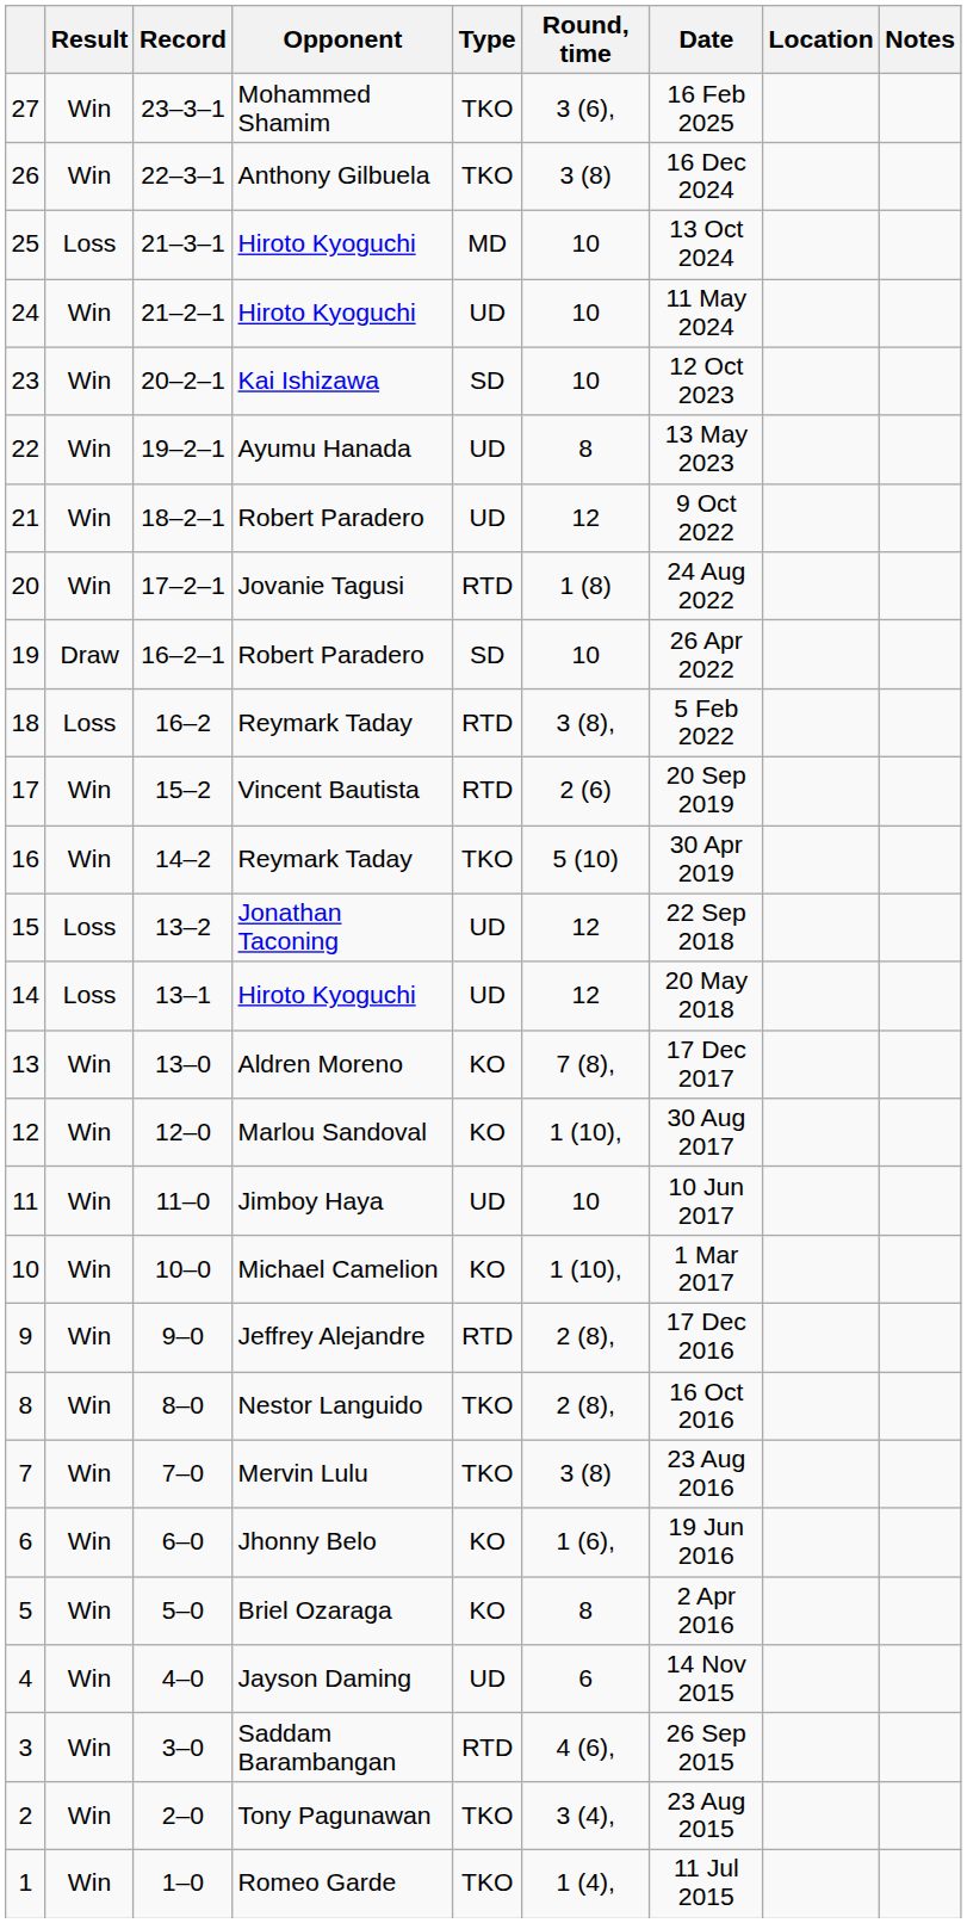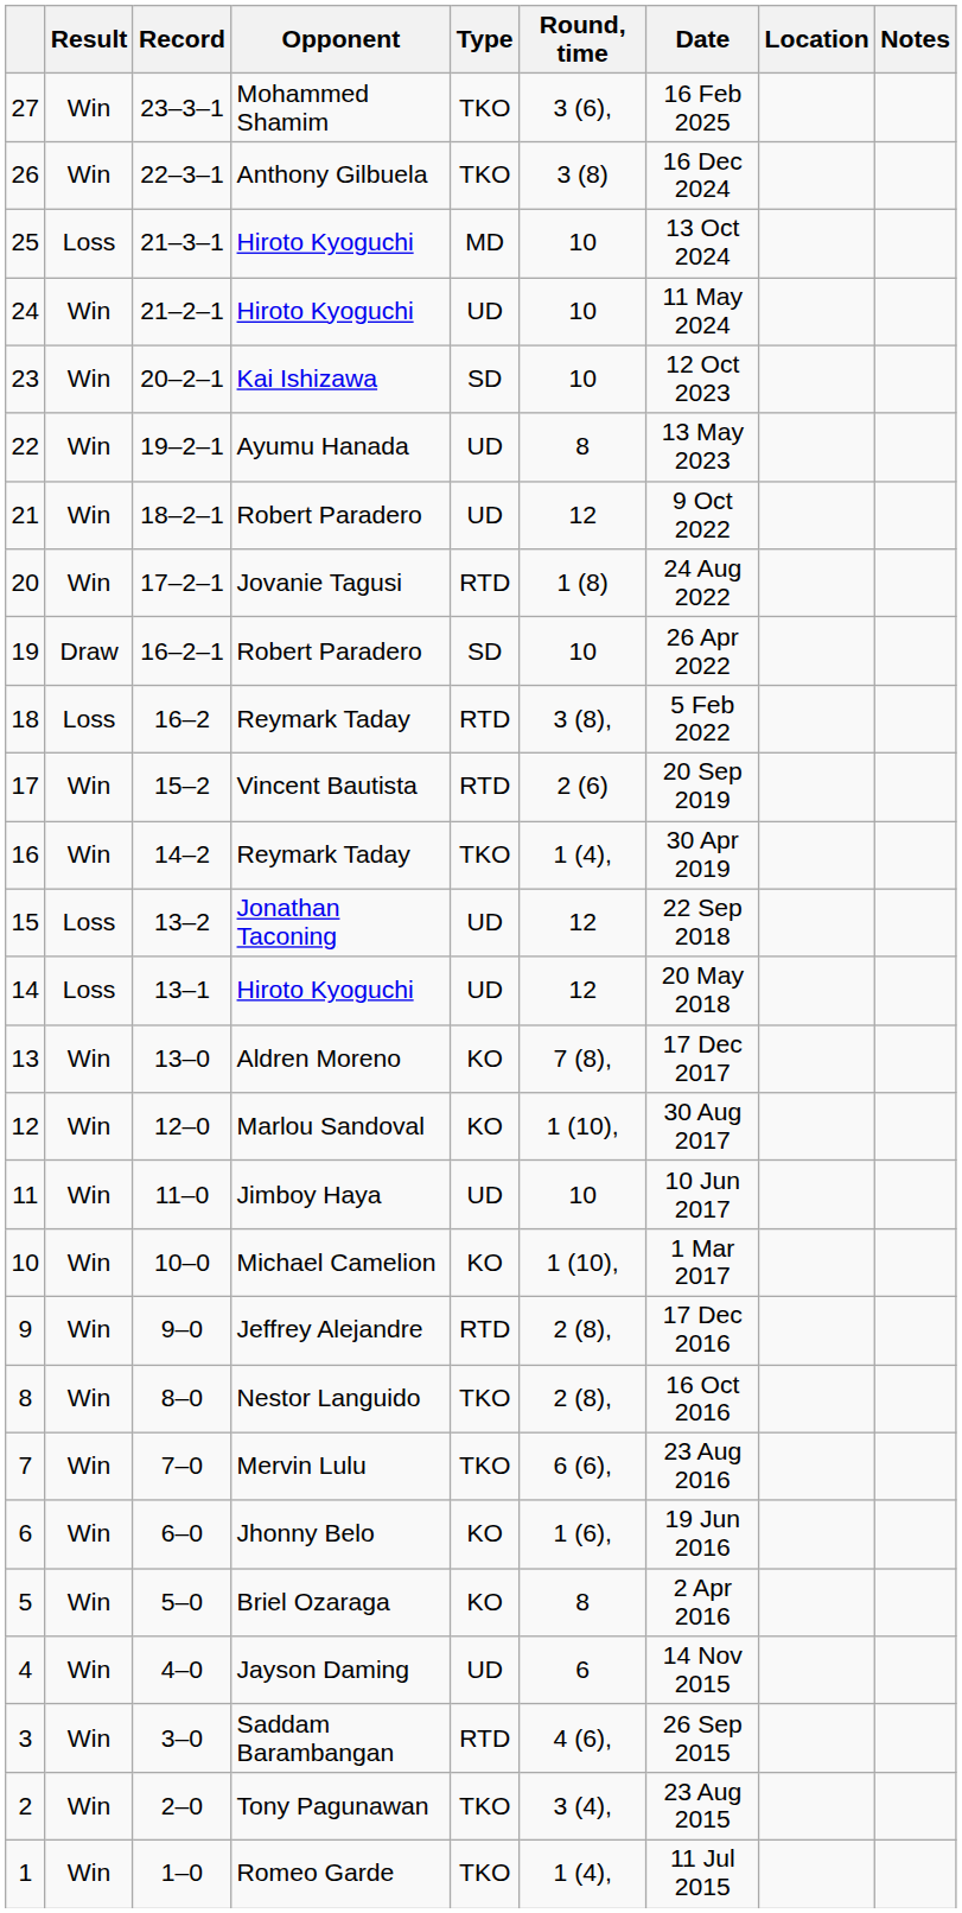 <table class="wikitable" style="text-align:center">
 <tr>
 <th></th>
 <th>Result</th>
 <th>Record</th>
 <th>Opponent</th>
 <th>Type</th>
 <th>Round, time</th>
 <th>Date</th>
 <th>Location</th>
 <th>Notes</th>
 </tr>
 <tr>
 <td>27</td>
 <td>Win</td>
 <td>23–3–1</td>
 <td style="text-align:left;">Mohammed Shamim</td>
 <td>TKO</td>
 <td>3 (6), </td>
 <td>16 Feb 2025</td>
 <td style="text-align:left;"></td>
 <td></td>
 </tr>
 <tr>
 <td>26</td>
 <td>Win</td>
 <td>22–3–1</td>
 <td style="text-align:left;">Anthony Gilbuela</td>
 <td>TKO</td>
 <td>3 (8)</td>
 <td>16 Dec 2024</td>
 <td style="text-align:left;"></td>
 <td></td>
 </tr>
 <tr>
 <td>25</td>
 <td>Loss</td>
 <td>21–3–1</td>
 <td style="text-align:left;"><a href='#'>Hiroto Kyoguchi</a></td>
 <td>MD</td>
 <td>10</td>
 <td>13 Oct 2024</td>
 <td style="text-align:left;"></td>
 <td></td>
 </tr>
 <tr>
 <td>24</td>
 <td>Win</td>
 <td>21–2–1</td>
 <td style="text-align:left;"><a href='#'>Hiroto Kyoguchi</a></td>
 <td>UD</td>
 <td>10</td>
 <td>11 May 2024</td>
 <td style="text-align:left;"></td>
 <td></td>
 </tr>
 <tr>
 <td>23</td>
 <td>Win</td>
 <td>20–2–1</td>
 <td style="text-align:left;"><a href='#'>Kai Ishizawa</a></td>
 <td>SD</td>
 <td>10</td>
 <td>12 Oct 2023</td>
 <td style="text-align:left;"></td>
 <td></td>
 </tr>
 <tr>
 <td>22</td>
 <td>Win</td>
 <td>19–2–1</td>
 <td style="text-align:left;">Ayumu Hanada</td>
 <td>UD</td>
 <td>8</td>
 <td>13 May 2023</td>
 <td style="text-align:left;"></td>
 <td></td>
 </tr>
 <tr>
 <td>21</td>
 <td>Win</td>
 <td>18–2–1</td>
 <td style="text-align:left;">Robert Paradero</td>
 <td>UD</td>
 <td>12</td>
 <td>9 Oct 2022</td>
 <td style="text-align:left;"></td>
 <td style="text-align:left;"></td>
 </tr>
 <tr>
 <td>20</td>
 <td>Win</td>
 <td>17–2–1</td>
 <td style="text-align:left;">Jovanie Tagusi</td>
 <td>RTD</td>
 <td>1 (8)</td>
 <td>24 Aug 2022</td>
 <td style="text-align:left;"></td>
 <td></td>
 </tr>
 <tr>
 <td>19</td>
 <td>Draw</td>
 <td>16–2–1</td>
 <td style="text-align:left;">Robert Paradero</td>
 <td>SD</td>
 <td>10</td>
 <td>26 Apr 2022</td>
 <td style="text-align:left;"></td>
 <td></td>
 </tr>
 <tr>
 <td>18</td>
 <td>Loss</td>
 <td>16–2</td>
 <td style="text-align:left;">Reymark Taday</td>
 <td>RTD</td>
 <td>3 (8), </td>
 <td>5 Feb 2022</td>
 <td style="text-align:left;"></td>
 <td></td>
 </tr>
 <tr>
 <td>17</td>
 <td>Win</td>
 <td>15–2</td>
 <td style="text-align:left;">Vincent Bautista</td>
 <td>RTD</td>
 <td>2 (6)</td>
 <td>20 Sep 2019</td>
 <td style="text-align:left;"></td>
 <td></td>
 </tr>
 <tr>
 <td>16</td>
 <td>Win</td>
 <td>14–2</td>
 <td style="text-align:left;">Reymark Taday</td>
 <td>TKO</td>
-<td>5 (10)</td>
+<td>1 (4), </td>
 <td>30 Apr 2019</td>
 <td style="text-align:left;"></td>
 <td></td>
 </tr>
 <tr>
 <td>15</td>
 <td>Loss</td>
 <td>13–2</td>
 <td style="text-align:left;"><a href='#'>Jonathan Taconing</a></td>
 <td>UD</td>
 <td>12</td>
 <td>22 Sep 2018</td>
 <td style="text-align:left;"></td>
 <td style="text-align:left;"></td>
 </tr>
 <tr>
 <td>14</td>
 <td>Loss</td>
 <td>13–1</td>
 <td style="text-align:left;"><a href='#'>Hiroto Kyoguchi</a></td>
 <td>UD</td>
 <td>12</td>
 <td>20 May 2018</td>
 <td style="text-align:left;"></td>
 <td style="text-align:left;"></td>
 </tr>
 <tr>
 <td>13</td>
 <td>Win</td>
 <td>13–0</td>
 <td style="text-align:left;">Aldren Moreno</td>
 <td>KO</td>
 <td>7 (8), </td>
 <td>17 Dec 2017</td>
 <td style="text-align:left;"></td>
 <td></td>
 </tr>
 <tr>
 <td>12</td>
 <td>Win</td>
 <td>12–0</td>
 <td style="text-align:left;">Marlou Sandoval</td>
 <td>KO</td>
 <td>1 (10), </td>
 <td>30 Aug 2017</td>
 <td style="text-align:left;"></td>
 <td></td>
 </tr>
 <tr>
 <td>11</td>
 <td>Win</td>
 <td>11–0</td>
 <td style="text-align:left;">Jimboy Haya</td>
 <td>UD</td>
 <td>10</td>
 <td>10 Jun 2017</td>
 <td style="text-align:left;"></td>
 <td style="text-align:left;"></td>
 </tr>
 <tr>
 <td>10</td>
 <td>Win</td>
 <td>10–0</td>
 <td style="text-align:left;">Michael Camelion</td>
 <td>KO</td>
 <td>1 (10), </td>
 <td>1 Mar 2017</td>
 <td style="text-align:left;"></td>
 <td></td>
 </tr>
 <tr>
 <td>9</td>
 <td>Win</td>
 <td>9–0</td>
 <td style="text-align:left;">Jeffrey Alejandre</td>
 <td>RTD</td>
 <td>2 (8), </td>
 <td>17 Dec 2016</td>
 <td style="text-align:left;"></td>
 <td></td>
 </tr>
 <tr>
 <td>8</td>
 <td>Win</td>
 <td>8–0</td>
 <td style="text-align:left;">Nestor Languido</td>
 <td>TKO</td>
 <td>2 (8), </td>
 <td>16 Oct 2016</td>
 <td style="text-align:left;"></td>
 <td></td>
 </tr>
 <tr>
 <td>7</td>
 <td>Win</td>
 <td>7–0</td>
 <td style="text-align:left;">Mervin Lulu</td>
 <td>TKO</td>
-<td>3 (8)</td>
+<td>6 (6), </td>
 <td>23 Aug 2016</td>
 <td style="text-align:left;"></td>
 <td></td>
 </tr>
 <tr>
 <td>6</td>
 <td>Win</td>
 <td>6–0</td>
 <td style="text-align:left;">Jhonny Belo</td>
 <td>KO</td>
 <td>1 (6), </td>
 <td>19 Jun 2016</td>
 <td style="text-align:left;"></td>
 <td></td>
 </tr>
 <tr>
 <td>5</td>
 <td>Win</td>
 <td>5–0</td>
 <td style="text-align:left;">Briel Ozaraga</td>
 <td>KO</td>
 <td>8</td>
 <td>2 Apr 2016</td>
 <td style="text-align:left;"></td>
 <td></td>
 </tr>
 <tr>
 <td>4</td>
 <td>Win</td>
 <td>4–0</td>
 <td style="text-align:left;">Jayson Daming</td>
 <td>UD</td>
 <td>6</td>
 <td>14 Nov 2015</td>
 <td style="text-align:left;"></td>
 <td></td>
 </tr>
 <tr>
 <td>3</td>
 <td>Win</td>
 <td>3–0</td>
 <td style="text-align:left;">Saddam Barambangan</td>
 <td>RTD</td>
 <td>4 (6), </td>
 <td>26 Sep 2015</td>
 <td style="text-align:left;"></td>
 <td></td>
 </tr>
 <tr>
 <td>2</td>
 <td>Win</td>
 <td>2–0</td>
 <td style="text-align:left;">Tony Pagunawan</td>
 <td>TKO</td>
 <td>3 (4), </td>
 <td>23 Aug 2015</td>
 <td style="text-align:left;"></td>
 <td></td>
 </tr>
 <tr>
 <td>1</td>
 <td>Win</td>
 <td>1–0</td>
 <td style="text-align:left;">Romeo Garde</td>
 <td>TKO</td>
 <td>1 (4), </td>
 <td>11 Jul 2015</td>
 <td style="text-align:left;"></td>
 <td></td>
 </tr>
 </table>
